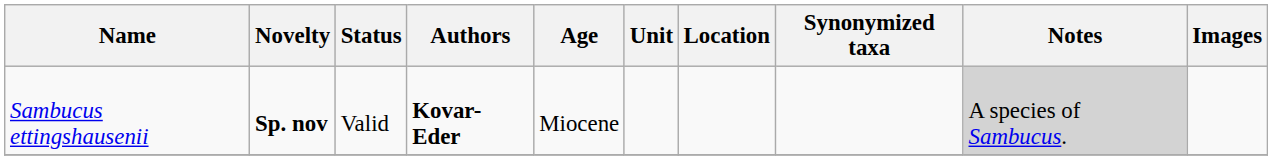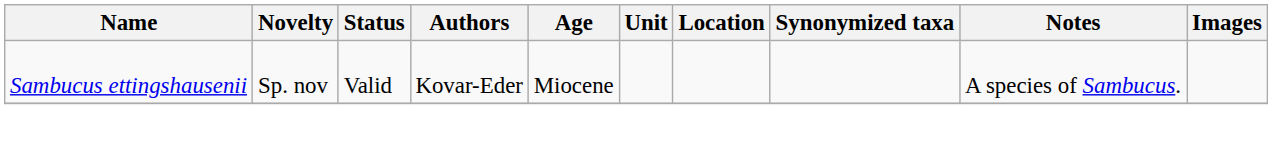 <table class="wikitable sortable" align="center" width="100%">
 <tr>
 <th>Name</th>
 <th>Novelty</th>
 <th>Status</th>
 <th>Authors</th>
 <th>Age</th>
 <th>Unit</th>
 <th>Location</th>
 <th>Synonymized taxa</th>
 <th>Notes</th>
 <th>Images</th>
 </tr>
 <tr>
 <td><br><em><a href='#'>Sambucus ettingshausenii</a></em></td>
-<td><strong><br>Sp. nov</strong></td>
+<td><br>Sp. nov</td>
 <td><br>Valid</td>
-<td><strong><br>Kovar-Eder</strong></td>
+<td><br>Kovar-Eder</td>
 <td><br>Miocene</td>
 <td></td>
 <td><br></td>
 <td></td>
-<td style="background: lightgrey;"><br>A species of <em><a href='#'>Sambucus</a></em>.</td>
+<td><br>A species of <em><a href='#'>Sambucus</a></em>.</td>
 <td></td>
 </tr>
 <tr>
 </tr>
 </table>
